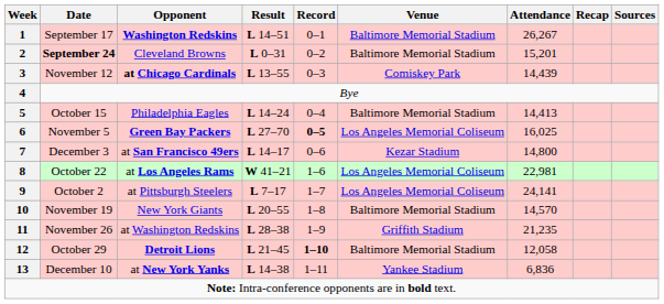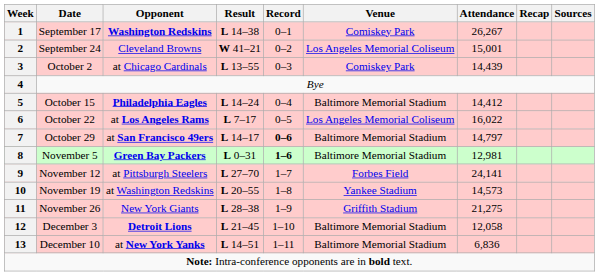 <table class="wikitable" style="text-align:center">
 <tr>
 <th>Week </th>
 <th>Date </th>
 <th>Opponent</th>
 <th>Result</th>
 <th>Record</th>
 <th>Venue</th>
 <th>Attendance</th>
 <th>Recap</th>
 <th>Sources</th>
 </tr>
 <tr style="background:#fcc">
 <th>1</th>
 <td>September 17</td>
 <td><strong><a href='#'>Washington Redskins</a></strong></td>
-<td><strong>L</strong> 14–51</td>
+<td><strong>L</strong> 14–38</td>
 <td>0–1</td>
-<td><a href='#'>Baltimore Memorial Stadium</a></td>
+<td><a href='#'>Comiskey Park</a></td>
 <td>26,267</td>
 <td></td>
 <td></td>
 </tr>
 <tr style="background:#fcc">
 <th>2</th>
-<td><strong>September 24</strong></td>
+<td>September 24</td>
 <td><a href='#'>Cleveland Browns</a></td>
-<td><strong>L</strong> 0–31</td>
+<td><strong>W</strong> 41–21</td>
 <td>0–2</td>
-<td>Baltimore Memorial Stadium</td>
-<td>15,201</td>
+<td><a href='#'>Los Angeles Memorial Coliseum</a></td>
+<td>15,001</td>
 <td></td>
 <td></td>
 </tr>
 <tr style="background:#fcc">
 <th>3</th>
-<td>November 12</td>
-<td><strong>at <a href='#'>Chicago Cardinals</a></strong></td>
+<td>October 2</td>
+<td>at <a href='#'>Chicago Cardinals</a></td>
 <td><strong>L</strong> 13–55</td>
 <td>0–3</td>
 <td><a href='#'>Comiskey Park</a></td>
 <td>14,439</td>
 <td></td>
 <td></td>
 </tr>
 <tr>
 <th>4</th>
 <td colspan=8 align="center"><em>Bye</em></td>
 </tr>
 <tr style="background:#fcc">
 <th>5</th>
 <td>October 15</td>
-<td><a href='#'>Philadelphia Eagles</a></td>
+<td><strong><a href='#'>Philadelphia Eagles</a></strong></td>
 <td><strong>L</strong> 14–24</td>
 <td>0–4</td>
 <td>Baltimore Memorial Stadium</td>
-<td>14,413</td>
+<td>14,412</td>
 <td></td>
 <td></td>
 </tr>
 <tr style="background:#fcc">
 <th>6</th>
-<td>November 5</td>
-<td><strong><a href='#'>Green Bay Packers</a></strong></td>
-<td><strong>L</strong> 27–70</td>
-<td><strong>0–5</strong></td>
+<td>October 22</td>
+<td>at <strong><a href='#'>Los Angeles Rams</a></strong></td>
+<td><strong>L</strong> 7–17</td>
+<td>0–5</td>
 <td><a href='#'>Los Angeles Memorial Coliseum</a></td>
-<td>16,025</td>
+<td>16,022</td>
 <td></td>
 <td></td>
 </tr>
 <tr style="background:#fcc">
 <th>7</th>
-<td>December 3</td>
+<td>October 29</td>
 <td>at <strong><a href='#'>San Francisco 49ers</a></strong></td>
 <td><strong>L</strong> 14–17</td>
-<td>0–6</td>
-<td><a href='#'>Kezar Stadium</a></td>
-<td>14,800</td>
+<td><strong>0–6</strong></td>
+<td>Baltimore Memorial Stadium</td>
+<td>14,797</td>
 <td></td>
 <td></td>
 </tr>
 <tr style="background:#cfc">
 <th>8</th>
-<td>October 22</td>
-<td>at <strong><a href='#'>Los Angeles Rams</a></strong></td>
-<td><strong>W</strong> 41–21</td>
-<td>1–6</td>
-<td><a href='#'>Los Angeles Memorial Coliseum</a></td>
-<td>22,981</td>
+<td>November 5</td>
+<td><strong><a href='#'>Green Bay Packers</a></strong></td>
+<td><strong>L</strong> 0–31</td>
+<td><strong>1–6</strong></td>
+<td>Baltimore Memorial Stadium</td>
+<td>12,981</td>
 <td></td>
 <td></td>
 </tr>
 <tr style="background:#fcc">
 <th>9</th>
-<td>October 2</td>
+<td>November 12</td>
 <td>at <a href='#'>Pittsburgh Steelers</a></td>
-<td><strong>L</strong> 7–17</td>
+<td><strong>L</strong> 27–70</td>
 <td>1–7</td>
-<td><a href='#'>Los Angeles Memorial Coliseum</a></td>
+<td><a href='#'>Forbes Field</a></td>
 <td>24,141</td>
 <td></td>
 <td></td>
 </tr>
 <tr style="background:#fcc">
 <th>10</th>
 <td>November 19</td>
-<td><a href='#'>New York Giants</a></td>
+<td>at <a href='#'>Washington Redskins</a></td>
 <td><strong>L</strong> 20–55</td>
 <td>1–8</td>
-<td>Baltimore Memorial Stadium</td>
-<td>14,570</td>
+<td><a href='#'>Yankee Stadium</a></td>
+<td>14,573</td>
 <td></td>
 <td></td>
 </tr>
 <tr style="background:#fcc">
 <th>11</th>
 <td>November 26</td>
-<td>at <a href='#'>Washington Redskins</a></td>
+<td><a href='#'>New York Giants</a></td>
 <td><strong>L</strong> 28–38</td>
 <td>1–9</td>
 <td><a href='#'>Griffith Stadium</a></td>
-<td>21,235</td>
+<td>21,275</td>
 <td></td>
 <td></td>
 </tr>
 <tr style="background:#fcc">
 <th>12</th>
-<td>October 29</td>
+<td>December 3</td>
 <td><strong><a href='#'>Detroit Lions</a></strong></td>
 <td><strong>L</strong> 21–45</td>
-<td><strong>1–10</strong></td>
+<td>1–10</td>
 <td>Baltimore Memorial Stadium</td>
 <td>12,058</td>
 <td></td>
 <td></td>
 </tr>
 <tr style="background:#fcc">
 <th>13</th>
 <td>December 10</td>
 <td>at <strong><a href='#'>New York Yanks</a></strong></td>
-<td><strong>L</strong> 14–38</td>
+<td><strong>L</strong> 14–51</td>
 <td>1–11</td>
-<td><a href='#'>Yankee Stadium</a></td>
+<td>Baltimore Memorial Stadium</td>
 <td>6,836</td>
 <td></td>
 <td></td>
 </tr>
 <tr>
 <td colspan="10"><strong>Note:</strong> Intra-conference opponents are in <strong>bold</strong> text.</td>
 </tr>
 </table>
